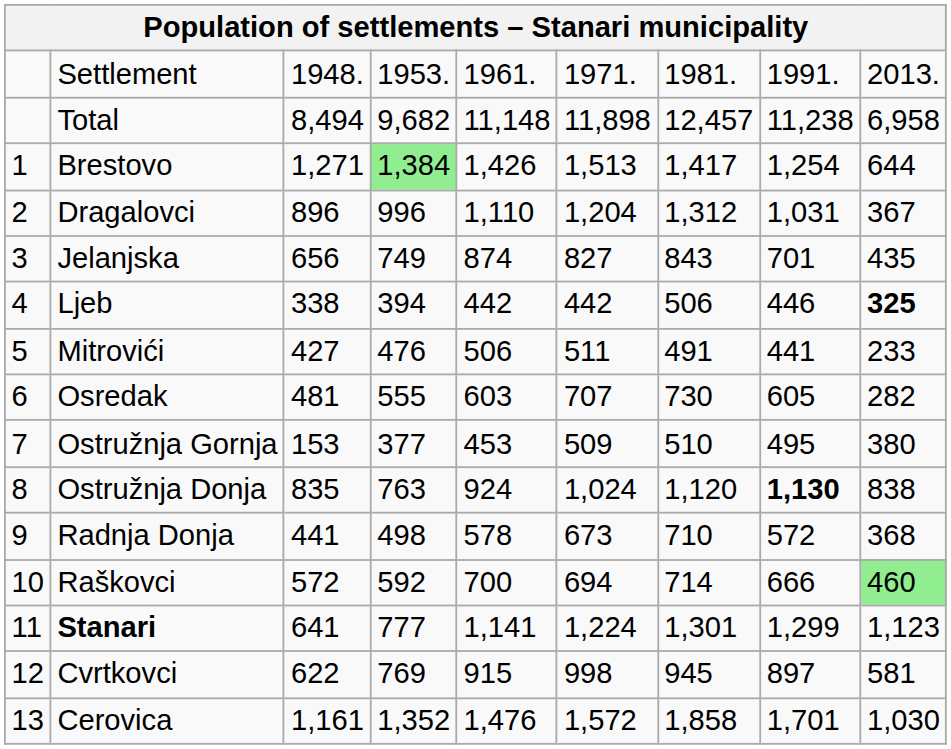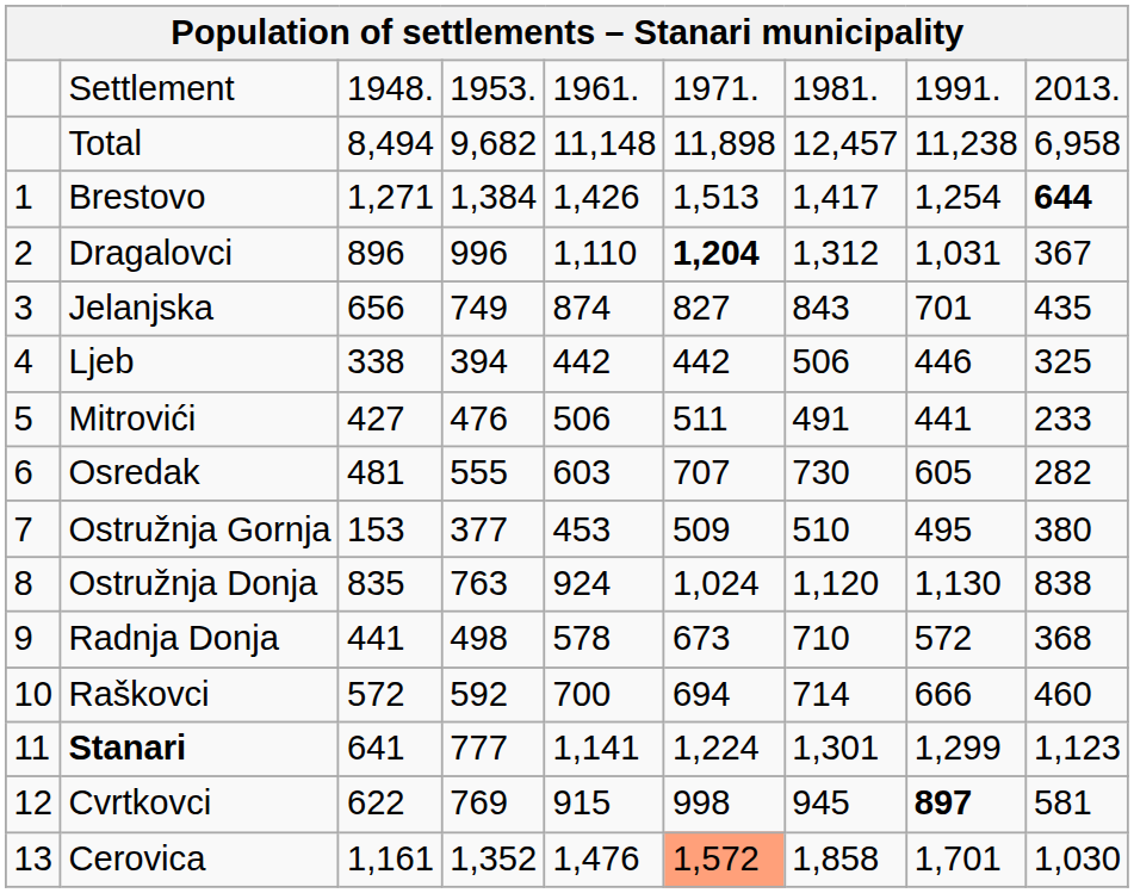 <table class="wikitable">
 <tr>
 <th colspan="9">Population of settlements – Stanari municipality</th>
 </tr>
 <tr>
 <td></td>
 <td>Settlement</td>
 <td>1948.</td>
 <td>1953.</td>
 <td>1961.</td>
 <td>1971.</td>
 <td>1981.</td>
 <td>1991.</td>
 <td>2013.</td>
 </tr>
 <tr>
 <td></td>
 <td>Total</td>
 <td>8,494</td>
 <td>9,682</td>
 <td>11,148</td>
 <td>11,898</td>
 <td>12,457</td>
 <td>11,238</td>
 <td>6,958</td>
 </tr>
 <tr>
 <td>1</td>
 <td>Brestovo</td>
 <td>1,271</td>
-<td style="background: lightgreen;">1,384</td>
+<td>1,384</td>
 <td>1,426</td>
 <td>1,513</td>
 <td>1,417</td>
 <td>1,254</td>
-<td>644</td>
+<td><strong>644</strong></td>
 </tr>
 <tr>
 <td>2</td>
 <td>Dragalovci</td>
 <td>896</td>
 <td>996</td>
 <td>1,110</td>
-<td>1,204</td>
+<td><strong>1,204</strong></td>
 <td>1,312</td>
 <td>1,031</td>
 <td>367</td>
 </tr>
 <tr>
 <td>3</td>
 <td>Jelanjska</td>
 <td>656</td>
 <td>749</td>
 <td>874</td>
 <td>827</td>
 <td>843</td>
 <td>701</td>
 <td>435</td>
 </tr>
 <tr>
 <td>4</td>
 <td>Ljeb</td>
 <td>338</td>
 <td>394</td>
 <td>442</td>
 <td>442</td>
 <td>506</td>
 <td>446</td>
-<td><strong>325</strong></td>
+<td>325</td>
 </tr>
 <tr>
 <td>5</td>
 <td>Mitrovići</td>
 <td>427</td>
 <td>476</td>
 <td>506</td>
 <td>511</td>
 <td>491</td>
 <td>441</td>
 <td>233</td>
 </tr>
 <tr>
 <td>6</td>
 <td>Osredak</td>
 <td>481</td>
 <td>555</td>
 <td>603</td>
 <td>707</td>
 <td>730</td>
 <td>605</td>
 <td>282</td>
 </tr>
 <tr>
 <td>7</td>
 <td>Ostružnja Gornja</td>
 <td>153</td>
 <td>377</td>
 <td>453</td>
 <td>509</td>
 <td>510</td>
 <td>495</td>
 <td>380</td>
 </tr>
 <tr>
 <td>8</td>
 <td>Ostružnja Donja</td>
 <td>835</td>
 <td>763</td>
 <td>924</td>
 <td>1,024</td>
 <td>1,120</td>
-<td><strong>1,130</strong></td>
+<td>1,130</td>
 <td>838</td>
 </tr>
 <tr>
 <td>9</td>
 <td>Radnja Donja</td>
 <td>441</td>
 <td>498</td>
 <td>578</td>
 <td>673</td>
 <td>710</td>
 <td>572</td>
 <td>368</td>
 </tr>
 <tr>
 <td>10</td>
 <td>Raškovci</td>
 <td>572</td>
 <td>592</td>
 <td>700</td>
 <td>694</td>
 <td>714</td>
 <td>666</td>
-<td style="background: lightgreen;">460</td>
+<td>460</td>
 </tr>
 <tr>
 <td>11</td>
 <td><strong>Stanari</strong></td>
 <td>641</td>
 <td>777</td>
 <td>1,141</td>
 <td>1,224</td>
 <td>1,301</td>
 <td>1,299</td>
 <td>1,123</td>
 </tr>
 <tr>
 <td>12</td>
 <td>Cvrtkovci</td>
 <td>622</td>
 <td>769</td>
 <td>915</td>
 <td>998</td>
 <td>945</td>
-<td>897</td>
+<td><strong>897</strong></td>
 <td>581</td>
 </tr>
 <tr>
 <td>13</td>
 <td>Cerovica</td>
 <td>1,161</td>
 <td>1,352</td>
 <td>1,476</td>
-<td>1,572</td>
+<td style="background: lightsalmon;">1,572</td>
 <td>1,858</td>
 <td>1,701</td>
 <td>1,030</td>
 </tr>
 </table>
